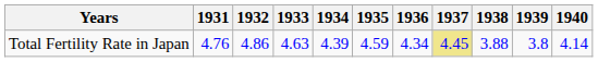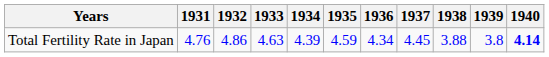 <table class="wikitable " style="text-align:right">
 <tr>
 <th>Years</th>
 <th>1931</th>
 <th>1932</th>
 <th>1933</th>
 <th>1934</th>
 <th>1935</th>
 <th>1936</th>
 <th>1937</th>
 <th>1938</th>
 <th>1939</th>
 <th>1940</th>
 </tr>
 <tr>
 <td align="left">Total Fertility Rate in Japan</td>
 <td style="text-align:right; color:blue;">4.76</td>
 <td style="text-align:right; color:blue;">4.86</td>
 <td style="text-align:right; color:blue;">4.63</td>
 <td style="text-align:right; color:blue;">4.39</td>
 <td style="text-align:right; color:blue;">4.59</td>
 <td style="text-align:right; color:blue;">4.34</td>
-<td style="background: khaki; text-align:right; color:blue;">4.45</td>
+<td style="text-align:right; color:blue;">4.45</td>
 <td style="text-align:right; color:blue;">3.88</td>
 <td style="text-align:right; color:blue;">3.8</td>
-<td style="text-align:right; color:blue;">4.14</td>
+<td style="text-align:right; color:blue;"><strong>4.14</strong></td>
 </tr>
 </table>
